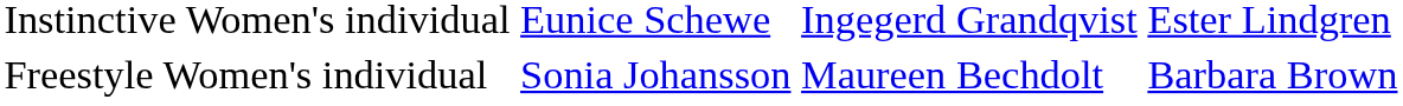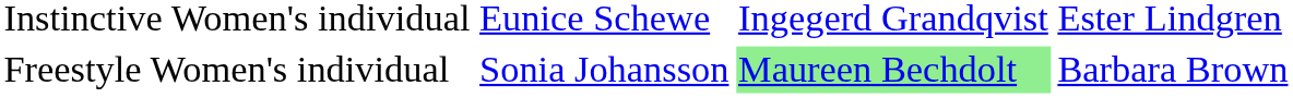 <table>
 <tr>
 <td>Instinctive Women's individual<br></td>
 <td> <a href='#'>Eunice Schewe</a></td>
 <td> <a href='#'>Ingegerd Grandqvist</a></td>
 <td> <a href='#'>Ester Lindgren</a></td>
 </tr>
 <tr>
 <td>Freestyle Women's individual<br></td>
 <td> <a href='#'>Sonia Johansson</a></td>
-<td> <a href='#'>Maureen Bechdolt</a></td>
+<td style="background: lightgreen;"> <a href='#'>Maureen Bechdolt</a></td>
 <td> <a href='#'>Barbara Brown</a></td>
 </tr>
 </table>
